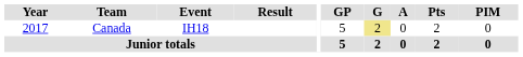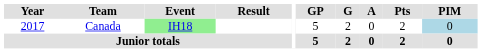 <table border="0" cellpadding="1" cellspacing="0" ID="Table3" style="text-align:center; width:40em;">
 <tr bgcolor="#e0e0e0">
 <th>Year</th>
 <th>Team</th>
 <th>Event</th>
 <th>Result</th>
 <th rowspan="99" bgcolor="#ffffff"></th>
 <th>GP</th>
 <th>G</th>
 <th>A</th>
 <th>Pts</th>
 <th>PIM</th>
 </tr>
 <tr>
 <td><a href='#'>2017</a></td>
 <td><a href='#'>Canada</a></td>
-<td><a href='#'>IH18</a></td>
+<td style="background: lightgreen;"><a href='#'>IH18</a></td>
 <td></td>
 <td>5</td>
-<td style="background: khaki;">2</td>
+<td>2</td>
 <td>0</td>
 <td>2</td>
-<td>0</td>
+<td style="background: lightblue;">0</td>
 </tr>
 <tr bgcolor="#e0e0e0">
 <th colspan="4">Junior totals</th>
 <th>5</th>
 <th>2</th>
 <th>0</th>
 <th>2</th>
 <th>0</th>
 </tr>
 </table>
